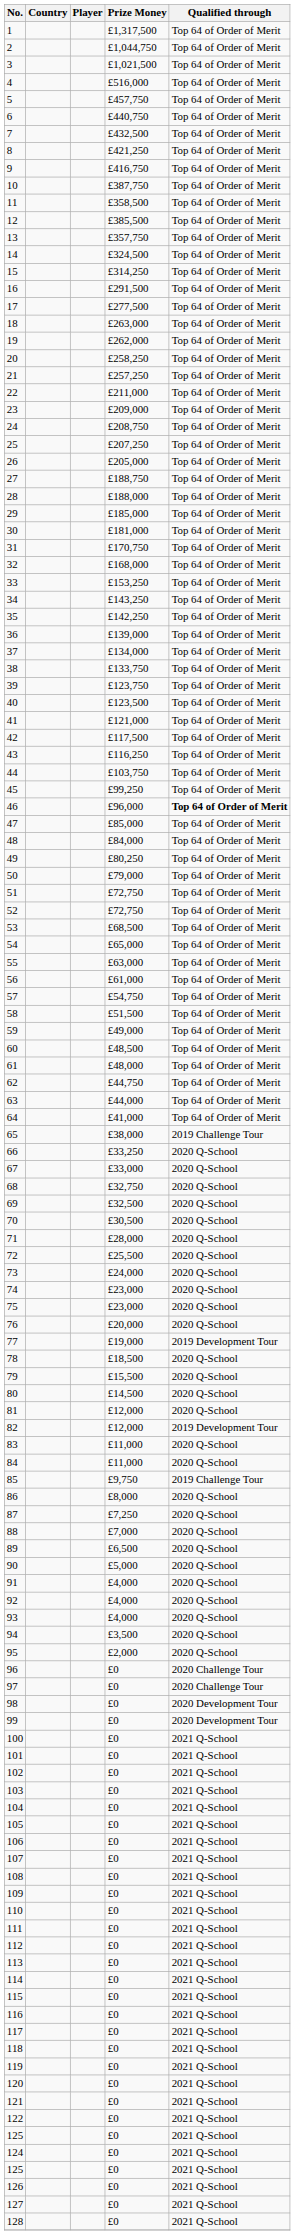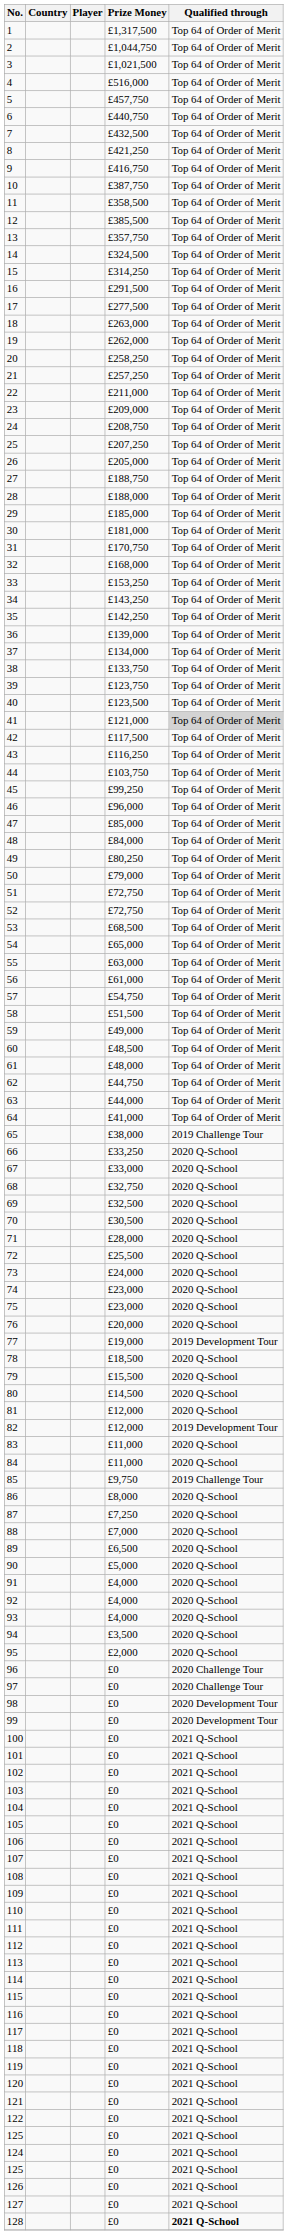 <table class="wikitable sortable">
 <tr>
 <th>No.</th>
 <th>Country</th>
 <th>Player</th>
 <th>Prize Money</th>
 <th>Qualified through</th>
 </tr>
 <tr>
 <td>1</td>
 <td align=left></td>
 <td></td>
 <td>£1,317,500</td>
 <td>Top 64 of Order of Merit</td>
 </tr>
 <tr>
 <td>2</td>
 <td align=left></td>
 <td></td>
 <td>£1,044,750</td>
 <td>Top 64 of Order of Merit</td>
 </tr>
 <tr>
 <td>3</td>
 <td align=left></td>
 <td></td>
 <td>£1,021,500</td>
 <td>Top 64 of Order of Merit</td>
 </tr>
 <tr>
 <td>4</td>
 <td align=left></td>
 <td></td>
 <td>£516,000</td>
 <td>Top 64 of Order of Merit</td>
 </tr>
 <tr>
 <td>5</td>
 <td align=left></td>
 <td></td>
 <td>£457,750</td>
 <td>Top 64 of Order of Merit</td>
 </tr>
 <tr>
 <td>6</td>
 <td align=left></td>
 <td></td>
 <td>£440,750</td>
 <td>Top 64 of Order of Merit</td>
 </tr>
 <tr>
 <td>7</td>
 <td align=left></td>
 <td></td>
 <td>£432,500</td>
 <td>Top 64 of Order of Merit</td>
 </tr>
 <tr>
 <td>8</td>
 <td align=left></td>
 <td></td>
 <td>£421,250</td>
 <td>Top 64 of Order of Merit</td>
 </tr>
 <tr>
 <td>9</td>
 <td align=left></td>
 <td></td>
 <td>£416,750</td>
 <td>Top 64 of Order of Merit</td>
 </tr>
 <tr>
 <td>10</td>
 <td align=left></td>
 <td></td>
 <td>£387,750</td>
 <td>Top 64 of Order of Merit</td>
 </tr>
 <tr>
 <td>11</td>
 <td align=left></td>
 <td></td>
 <td>£358,500</td>
 <td>Top 64 of Order of Merit</td>
 </tr>
 <tr>
 <td>12</td>
 <td align=left></td>
 <td></td>
 <td>£385,500</td>
 <td>Top 64 of Order of Merit</td>
 </tr>
 <tr>
 <td>13</td>
 <td align=left></td>
 <td></td>
 <td>£357,750</td>
 <td>Top 64 of Order of Merit</td>
 </tr>
 <tr>
 <td>14</td>
 <td align=left></td>
 <td></td>
 <td>£324,500</td>
 <td>Top 64 of Order of Merit</td>
 </tr>
 <tr>
 <td>15</td>
 <td align=left></td>
 <td></td>
 <td>£314,250</td>
 <td>Top 64 of Order of Merit</td>
 </tr>
 <tr>
 <td>16</td>
 <td align=left></td>
 <td></td>
 <td>£291,500</td>
 <td>Top 64 of Order of Merit</td>
 </tr>
 <tr>
 <td>17</td>
 <td align=left></td>
 <td></td>
 <td>£277,500</td>
 <td>Top 64 of Order of Merit</td>
 </tr>
 <tr>
 <td>18</td>
 <td align=left></td>
 <td></td>
 <td>£263,000</td>
 <td>Top 64 of Order of Merit</td>
 </tr>
 <tr>
 <td>19</td>
 <td align=left></td>
 <td></td>
 <td>£262,000</td>
 <td>Top 64 of Order of Merit</td>
 </tr>
 <tr>
 <td>20</td>
 <td align=left></td>
 <td></td>
 <td>£258,250</td>
 <td>Top 64 of Order of Merit</td>
 </tr>
 <tr>
 <td>21</td>
 <td align=left></td>
 <td></td>
 <td>£257,250</td>
 <td>Top 64 of Order of Merit</td>
 </tr>
 <tr>
 <td>22</td>
 <td align=left></td>
 <td></td>
 <td>£211,000</td>
 <td>Top 64 of Order of Merit</td>
 </tr>
 <tr>
 <td>23</td>
 <td align=left></td>
 <td></td>
 <td>£209,000</td>
 <td>Top 64 of Order of Merit</td>
 </tr>
 <tr>
 <td>24</td>
 <td align=left></td>
 <td></td>
 <td>£208,750</td>
 <td>Top 64 of Order of Merit</td>
 </tr>
 <tr>
 <td>25</td>
 <td align=left></td>
 <td></td>
 <td>£207,250</td>
 <td>Top 64 of Order of Merit</td>
 </tr>
 <tr>
 <td>26</td>
 <td align=left></td>
 <td></td>
 <td>£205,000</td>
 <td>Top 64 of Order of Merit</td>
 </tr>
 <tr>
 <td>27</td>
 <td align=left></td>
 <td></td>
 <td>£188,750</td>
 <td>Top 64 of Order of Merit</td>
 </tr>
 <tr>
 <td>28</td>
 <td align=left></td>
 <td></td>
 <td>£188,000</td>
 <td>Top 64 of Order of Merit</td>
 </tr>
 <tr>
 <td>29</td>
 <td align=left></td>
 <td></td>
 <td>£185,000</td>
 <td>Top 64 of Order of Merit</td>
 </tr>
 <tr>
 <td>30</td>
 <td align=left></td>
 <td></td>
 <td>£181,000</td>
 <td>Top 64 of Order of Merit</td>
 </tr>
 <tr>
 <td>31</td>
 <td align=left></td>
 <td></td>
 <td>£170,750</td>
 <td>Top 64 of Order of Merit</td>
 </tr>
 <tr>
 <td>32</td>
 <td align=left></td>
 <td></td>
 <td>£168,000</td>
 <td>Top 64 of Order of Merit</td>
 </tr>
 <tr>
 <td>33</td>
 <td align=left></td>
 <td></td>
 <td>£153,250</td>
 <td>Top 64 of Order of Merit</td>
 </tr>
 <tr>
 <td>34</td>
 <td align=left></td>
 <td></td>
 <td>£143,250</td>
 <td>Top 64 of Order of Merit</td>
 </tr>
 <tr>
 <td>35</td>
 <td align=left></td>
 <td></td>
 <td>£142,250</td>
 <td>Top 64 of Order of Merit</td>
 </tr>
 <tr>
 <td>36</td>
 <td align=left></td>
 <td></td>
 <td>£139,000</td>
 <td>Top 64 of Order of Merit</td>
 </tr>
 <tr>
 <td>37</td>
 <td align=left></td>
 <td></td>
 <td>£134,000</td>
 <td>Top 64 of Order of Merit</td>
 </tr>
 <tr>
 <td>38</td>
 <td align=left></td>
 <td></td>
 <td>£133,750</td>
 <td>Top 64 of Order of Merit</td>
 </tr>
 <tr>
 <td>39</td>
 <td align=left></td>
 <td></td>
 <td>£123,750</td>
 <td>Top 64 of Order of Merit</td>
 </tr>
 <tr>
 <td>40</td>
 <td align=left></td>
 <td></td>
 <td>£123,500</td>
 <td>Top 64 of Order of Merit</td>
 </tr>
 <tr>
 <td>41</td>
 <td align=left></td>
 <td></td>
 <td>£121,000</td>
-<td>Top 64 of Order of Merit</td>
+<td style="background: lightgrey;">Top 64 of Order of Merit</td>
 </tr>
 <tr>
 <td>42</td>
 <td align=left></td>
 <td></td>
 <td>£117,500</td>
 <td>Top 64 of Order of Merit</td>
 </tr>
 <tr>
 <td>43</td>
 <td align=left></td>
 <td></td>
 <td>£116,250</td>
 <td>Top 64 of Order of Merit</td>
 </tr>
 <tr>
 <td>44</td>
 <td align=left></td>
 <td></td>
 <td>£103,750</td>
 <td>Top 64 of Order of Merit</td>
 </tr>
 <tr>
 <td>45</td>
 <td align=left></td>
 <td></td>
 <td>£99,250</td>
 <td>Top 64 of Order of Merit</td>
 </tr>
 <tr>
 <td>46</td>
 <td align=left></td>
 <td></td>
 <td>£96,000</td>
-<td><strong>Top 64 of Order of Merit</strong></td>
+<td>Top 64 of Order of Merit</td>
 </tr>
 <tr>
 <td>47</td>
 <td align=left></td>
 <td></td>
 <td>£85,000</td>
 <td>Top 64 of Order of Merit</td>
 </tr>
 <tr>
 <td>48</td>
 <td align=left></td>
 <td></td>
 <td>£84,000</td>
 <td>Top 64 of Order of Merit</td>
 </tr>
 <tr>
 <td>49</td>
 <td align=left></td>
 <td></td>
 <td>£80,250</td>
 <td>Top 64 of Order of Merit</td>
 </tr>
 <tr>
 <td>50</td>
 <td align=left></td>
 <td></td>
 <td>£79,000</td>
 <td>Top 64 of Order of Merit</td>
 </tr>
 <tr>
 <td>51</td>
 <td align=left></td>
 <td></td>
 <td>£72,750</td>
 <td>Top 64 of Order of Merit</td>
 </tr>
 <tr>
 <td>52</td>
 <td align=left></td>
 <td></td>
 <td>£72,750</td>
 <td>Top 64 of Order of Merit</td>
 </tr>
 <tr>
 <td>53</td>
 <td align=left></td>
 <td></td>
 <td>£68,500</td>
 <td>Top 64 of Order of Merit</td>
 </tr>
 <tr>
 <td>54</td>
 <td align=left></td>
 <td></td>
 <td>£65,000</td>
 <td>Top 64 of Order of Merit</td>
 </tr>
 <tr>
 <td>55</td>
 <td align=left></td>
 <td></td>
 <td>£63,000</td>
 <td>Top 64 of Order of Merit</td>
 </tr>
 <tr>
 <td>56</td>
 <td align=left></td>
 <td></td>
 <td>£61,000</td>
 <td>Top 64 of Order of Merit</td>
 </tr>
 <tr>
 <td>57</td>
 <td align=left></td>
 <td></td>
 <td>£54,750</td>
 <td>Top 64 of Order of Merit</td>
 </tr>
 <tr>
 <td>58</td>
 <td align=left></td>
 <td></td>
 <td>£51,500</td>
 <td>Top 64 of Order of Merit</td>
 </tr>
 <tr>
 <td>59</td>
 <td align=left></td>
 <td></td>
 <td>£49,000</td>
 <td>Top 64 of Order of Merit</td>
 </tr>
 <tr>
 <td>60</td>
 <td align=left></td>
 <td></td>
 <td>£48,500</td>
 <td>Top 64 of Order of Merit</td>
 </tr>
 <tr>
 <td>61</td>
 <td align=left></td>
 <td></td>
 <td>£48,000</td>
 <td>Top 64 of Order of Merit</td>
 </tr>
 <tr>
 <td>62</td>
 <td align=left></td>
 <td></td>
 <td>£44,750</td>
 <td>Top 64 of Order of Merit</td>
 </tr>
 <tr>
 <td>63</td>
 <td align=left></td>
 <td></td>
 <td>£44,000</td>
 <td>Top 64 of Order of Merit</td>
 </tr>
 <tr>
 <td>64</td>
 <td align=left></td>
 <td></td>
 <td>£41,000</td>
 <td>Top 64 of Order of Merit</td>
 </tr>
 <tr>
 <td>65</td>
 <td align=left></td>
 <td></td>
 <td>£38,000</td>
 <td>2019 Challenge Tour</td>
 </tr>
 <tr>
 <td>66</td>
 <td align=left></td>
 <td></td>
 <td>£33,250</td>
 <td>2020 Q-School</td>
 </tr>
 <tr>
 <td>67</td>
 <td align=left></td>
 <td></td>
 <td>£33,000</td>
 <td>2020 Q-School</td>
 </tr>
 <tr>
 <td>68</td>
 <td align=left></td>
 <td></td>
 <td>£32,750</td>
 <td>2020 Q-School</td>
 </tr>
 <tr>
 <td>69</td>
 <td align=left></td>
 <td></td>
 <td>£32,500</td>
 <td>2020 Q-School</td>
 </tr>
 <tr>
 <td>70</td>
 <td align=left></td>
 <td></td>
 <td>£30,500</td>
 <td>2020 Q-School</td>
 </tr>
 <tr>
 <td>71</td>
 <td align=left></td>
 <td></td>
 <td>£28,000</td>
 <td>2020 Q-School</td>
 </tr>
 <tr>
 <td>72</td>
 <td align=left></td>
 <td></td>
 <td>£25,500</td>
 <td>2020 Q-School</td>
 </tr>
 <tr>
 <td>73</td>
 <td align=left></td>
 <td></td>
 <td>£24,000</td>
 <td>2020 Q-School</td>
 </tr>
 <tr>
 <td>74</td>
 <td align=left></td>
 <td></td>
 <td>£23,000</td>
 <td>2020 Q-School</td>
 </tr>
 <tr>
 <td>75</td>
 <td align=left></td>
 <td></td>
 <td>£23,000</td>
 <td>2020 Q-School</td>
 </tr>
 <tr>
 <td>76</td>
 <td align=left></td>
 <td></td>
 <td>£20,000</td>
 <td>2020 Q-School</td>
 </tr>
 <tr>
 <td>77</td>
 <td align=left></td>
 <td></td>
 <td>£19,000</td>
 <td>2019 Development Tour</td>
 </tr>
 <tr>
 <td>78</td>
 <td align=left></td>
 <td></td>
 <td>£18,500</td>
 <td>2020 Q-School</td>
 </tr>
 <tr>
 <td>79</td>
 <td align=left></td>
 <td></td>
 <td>£15,500</td>
 <td>2020 Q-School</td>
 </tr>
 <tr>
 <td>80</td>
 <td align=left></td>
 <td></td>
 <td>£14,500</td>
 <td>2020 Q-School</td>
 </tr>
 <tr>
 <td>81</td>
 <td align=left></td>
 <td></td>
 <td>£12,000</td>
 <td>2020 Q-School</td>
 </tr>
 <tr>
 <td>82</td>
 <td align=left></td>
 <td></td>
 <td>£12,000</td>
 <td>2019 Development Tour</td>
 </tr>
 <tr>
 <td>83</td>
 <td align=left></td>
 <td></td>
 <td>£11,000</td>
 <td>2020 Q-School</td>
 </tr>
 <tr>
 <td>84</td>
 <td align=left></td>
 <td></td>
 <td>£11,000</td>
 <td>2020 Q-School</td>
 </tr>
 <tr>
 <td>85</td>
 <td align=left></td>
 <td></td>
 <td>£9,750</td>
 <td>2019 Challenge Tour</td>
 </tr>
 <tr>
 <td>86</td>
 <td align=left></td>
 <td></td>
 <td>£8,000</td>
 <td>2020 Q-School</td>
 </tr>
 <tr>
 <td>87</td>
 <td align=left></td>
 <td></td>
 <td>£7,250</td>
 <td>2020 Q-School</td>
 </tr>
 <tr>
 <td>88</td>
 <td align=left></td>
 <td></td>
 <td>£7,000</td>
 <td>2020 Q-School</td>
 </tr>
 <tr>
 <td>89</td>
 <td align=left></td>
 <td></td>
 <td>£6,500</td>
 <td>2020 Q-School</td>
 </tr>
 <tr>
 <td>90</td>
 <td align=left></td>
 <td></td>
 <td>£5,000</td>
 <td>2020 Q-School</td>
 </tr>
 <tr>
 <td>91</td>
 <td align=left></td>
 <td></td>
 <td>£4,000</td>
 <td>2020 Q-School</td>
 </tr>
 <tr>
 <td>92</td>
 <td align=left></td>
 <td></td>
 <td>£4,000</td>
 <td>2020 Q-School</td>
 </tr>
 <tr>
 <td>93</td>
 <td align=left></td>
 <td></td>
 <td>£4,000</td>
 <td>2020 Q-School</td>
 </tr>
 <tr>
 <td>94</td>
 <td align=left></td>
 <td></td>
 <td>£3,500</td>
 <td>2020 Q-School</td>
 </tr>
 <tr>
 <td>95</td>
 <td align=left></td>
 <td></td>
 <td>£2,000</td>
 <td>2020 Q-School</td>
 </tr>
 <tr>
 <td>96</td>
 <td align=left></td>
 <td></td>
 <td>£0</td>
 <td>2020 Challenge Tour</td>
 </tr>
 <tr>
 <td>97</td>
 <td align=left></td>
 <td></td>
 <td>£0</td>
 <td>2020 Challenge Tour</td>
 </tr>
 <tr>
 <td>98</td>
 <td align=left></td>
 <td></td>
 <td>£0</td>
 <td>2020 Development Tour</td>
 </tr>
 <tr>
 <td>99</td>
 <td align=left></td>
 <td></td>
 <td>£0</td>
 <td>2020 Development Tour</td>
 </tr>
 <tr>
 <td>100</td>
 <td align=left></td>
 <td></td>
 <td>£0</td>
 <td>2021 Q-School</td>
 </tr>
 <tr>
 <td>101</td>
 <td align=left></td>
 <td></td>
 <td>£0</td>
 <td>2021 Q-School</td>
 </tr>
 <tr>
 <td>102</td>
 <td align=left></td>
 <td></td>
 <td>£0</td>
 <td>2021 Q-School</td>
 </tr>
 <tr>
 <td>103</td>
 <td align=left></td>
 <td></td>
 <td>£0</td>
 <td>2021 Q-School</td>
 </tr>
 <tr>
 <td>104</td>
 <td align=left></td>
 <td></td>
 <td>£0</td>
 <td>2021 Q-School</td>
 </tr>
 <tr>
 <td>105</td>
 <td align=left></td>
 <td></td>
 <td>£0</td>
 <td>2021 Q-School</td>
 </tr>
 <tr>
 <td>106</td>
 <td align=left></td>
 <td></td>
 <td>£0</td>
 <td>2021 Q-School</td>
 </tr>
 <tr>
 <td>107</td>
 <td align=left></td>
 <td></td>
 <td>£0</td>
 <td>2021 Q-School</td>
 </tr>
 <tr>
 <td>108</td>
 <td align=left></td>
 <td></td>
 <td>£0</td>
 <td>2021 Q-School</td>
 </tr>
 <tr>
 <td>109</td>
 <td align=left></td>
 <td></td>
 <td>£0</td>
 <td>2021 Q-School</td>
 </tr>
 <tr>
 <td>110</td>
 <td align=left></td>
 <td></td>
 <td>£0</td>
 <td>2021 Q-School</td>
 </tr>
 <tr>
 <td>111</td>
 <td align=left></td>
 <td></td>
 <td>£0</td>
 <td>2021 Q-School</td>
 </tr>
 <tr>
 <td>112</td>
 <td align=left></td>
 <td></td>
 <td>£0</td>
 <td>2021 Q-School</td>
 </tr>
 <tr>
 <td>113</td>
 <td align=left></td>
 <td></td>
 <td>£0</td>
 <td>2021 Q-School</td>
 </tr>
 <tr>
 <td>114</td>
 <td align=left></td>
 <td></td>
 <td>£0</td>
 <td>2021 Q-School</td>
 </tr>
 <tr>
 <td>115</td>
 <td align=left></td>
 <td></td>
 <td>£0</td>
 <td>2021 Q-School</td>
 </tr>
 <tr>
 <td>116</td>
 <td align=left></td>
 <td></td>
 <td>£0</td>
 <td>2021 Q-School</td>
 </tr>
 <tr>
 <td>117</td>
 <td align=left></td>
 <td></td>
 <td>£0</td>
 <td>2021 Q-School</td>
 </tr>
 <tr>
 <td>118</td>
 <td align=left></td>
 <td></td>
 <td>£0</td>
 <td>2021 Q-School</td>
 </tr>
 <tr>
 <td>119</td>
 <td align=left></td>
 <td></td>
 <td>£0</td>
 <td>2021 Q-School</td>
 </tr>
 <tr>
 <td>120</td>
 <td align=left></td>
 <td></td>
 <td>£0</td>
 <td>2021 Q-School</td>
 </tr>
 <tr>
 <td>121</td>
 <td align=left></td>
 <td></td>
 <td>£0</td>
 <td>2021 Q-School</td>
 </tr>
 <tr>
 <td>122</td>
 <td align=left></td>
 <td></td>
 <td>£0</td>
 <td>2021 Q-School</td>
 </tr>
 <tr>
 <td>125</td>
 <td align=left></td>
 <td></td>
 <td>£0</td>
 <td>2021 Q-School</td>
 </tr>
 <tr>
 <td>124</td>
 <td align=left></td>
 <td></td>
 <td>£0</td>
 <td>2021 Q-School</td>
 </tr>
 <tr>
 <td>125</td>
 <td align=left></td>
 <td></td>
 <td>£0</td>
 <td>2021 Q-School</td>
 </tr>
 <tr>
 <td>126</td>
 <td align=left></td>
 <td></td>
 <td>£0</td>
 <td>2021 Q-School</td>
 </tr>
 <tr>
 <td>127</td>
 <td align=left></td>
 <td></td>
 <td>£0</td>
 <td>2021 Q-School</td>
 </tr>
 <tr>
 <td>128</td>
 <td align=left></td>
 <td></td>
 <td>£0</td>
-<td>2021 Q-School</td>
+<td><strong>2021 Q-School</strong></td>
 </tr>
 <tr>
 </tr>
 </table>
